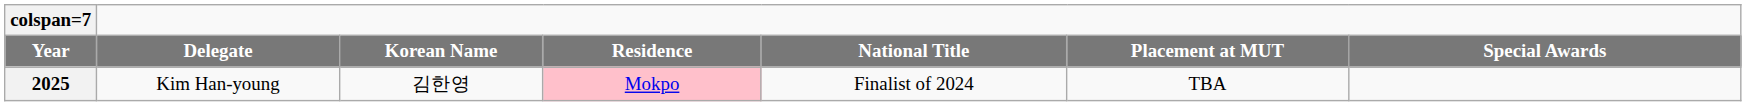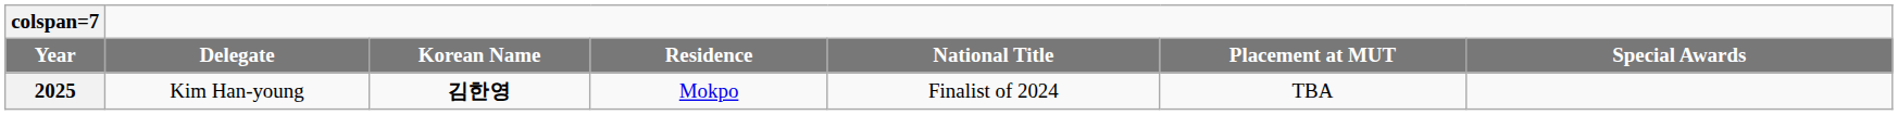 <table class="wikitable sortable" style="font-size: 85%; text-align:center">
 <tr>
 <th>colspan=7 </th>
 </tr>
 <tr>
 <th width="60" style="background-color:#787878;color:#FFFFFF;">Year</th>
 <th width="180" style="background-color:#787878;color:#FFFFFF;">Delegate</th>
 <th width="150" style="background-color:#787878;color:#FFFFFF;">Korean Name</th>
 <th width="160" style="background-color:#787878;color:#FFFFFF;">Residence</th>
 <th width="230" style="background-color:#787878;color:#FFFFFF;">National Title</th>
 <th width="210" style="background-color:#787878;color:#FFFFFF;">Placement at MUT</th>
 <th width="300" style="background-color:#787878;color:#FFFFFF;">Special Awards</th>
 </tr>
 <tr>
 <th>2025</th>
 <td>Kim Han-young</td>
-<td>김한영</td>
-<td style="background: pink;"><a href='#'>Mokpo</a></td>
+<td><strong>김한영</strong></td>
+<td><a href='#'>Mokpo</a></td>
 <td>Finalist of 2024</td>
 <td>TBA</td>
 <td></td>
 </tr>
 </table>
